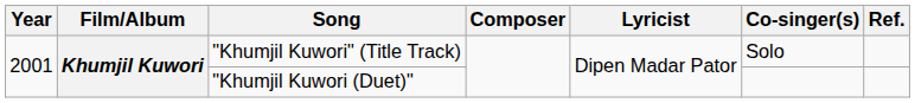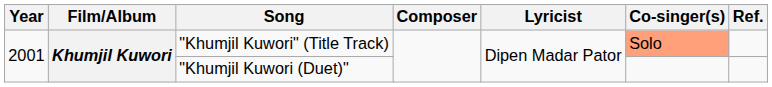 <table class="wikitable plainrowheaders">
 <tr>
 <th scope="col">Year</th>
 <th>Film/Album</th>
 <th scope="col">Song</th>
 <th scope="col">Composer</th>
 <th>Lyricist</th>
 <th scope="col">Co-singer(s)</th>
 <th scope="col">Ref.</th>
 </tr>
 <tr>
 <td rowspan="2">2001</td>
 <th rowspan="2"><em>Khumjil Kuwori</em></th>
 <td>"Khumjil Kuwori" (Title Track)</td>
 <td rowspan="2"></td>
 <td rowspan="2">Dipen Madar Pator</td>
-<td>Solo</td>
+<td style="background: lightsalmon;">Solo</td>
 <td></td>
 </tr>
 <tr>
 <td>"Khumjil Kuwori (Duet)"</td>
 <td></td>
 <td></td>
 </tr>
 </table>
